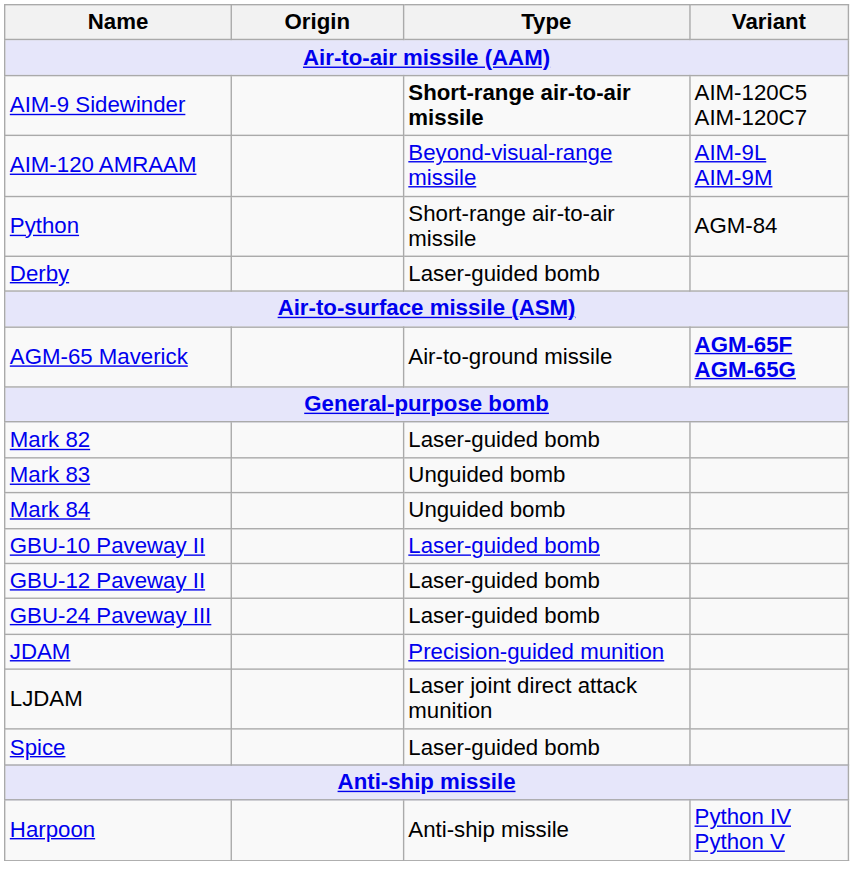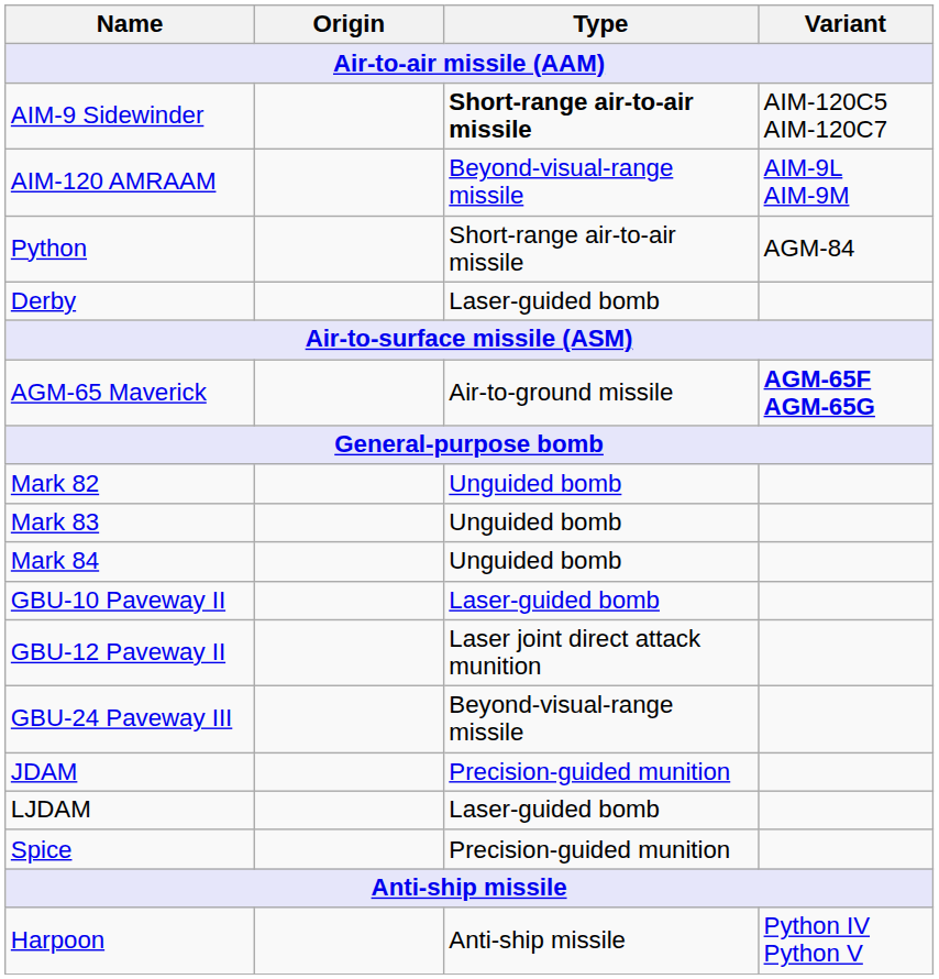 <table class="wikitable">
 <tr>
 <th width="10%">Name</th>
 <th width="9%">Origin</th>
 <th width="15%">Type</th>
 <th width="7%">Variant</th>
 </tr>
 <tr>
 <th style="align: center; background: lavender;" colspan="7"><a href='#'>Air-to-air missile (AAM)</a></th>
 </tr>
 <tr>
 <td><a href='#'>AIM-9 Sidewinder</a></td>
 <td></td>
 <td><strong>Short-range air-to-air missile</strong></td>
 <td>AIM-120C5<br>AIM-120C7</td>
 </tr>
 <tr>
 <td><a href='#'>AIM-120 AMRAAM</a></td>
 <td></td>
 <td><a href='#'>Beyond-visual-range missile</a></td>
 <td><a href='#'>AIM-9L</a><br><a href='#'>AIM-9M</a></td>
 </tr>
 <tr>
 <td><a href='#'>Python</a></td>
 <td></td>
 <td>Short-range air-to-air missile</td>
 <td>AGM-84</td>
 </tr>
 <tr>
 <td><a href='#'>Derby</a></td>
 <td></td>
 <td>Laser-guided bomb</td>
 <td></td>
 </tr>
 <tr>
 <th style="align: center; background: lavender;" colspan="7"><a href='#'>Air-to-surface missile (ASM)</a></th>
 </tr>
 <tr>
 <td><a href='#'>AGM-65 Maverick</a></td>
 <td></td>
 <td>Air-to-ground missile</td>
 <td><strong><a href='#'>AGM-65F</a><br><a href='#'>AGM-65G</a></strong></td>
 </tr>
 <tr>
 <th style="align: center; background: lavender;" colspan="7"><a href='#'>General-purpose bomb</a></th>
 </tr>
 <tr>
 <td><a href='#'>Mark 82</a></td>
 <td></td>
-<td>Laser-guided bomb</td>
+<td><a href='#'>Unguided bomb</a></td>
 <td></td>
 </tr>
 <tr>
 <td><a href='#'>Mark 83</a></td>
 <td></td>
 <td>Unguided bomb</td>
 <td></td>
 </tr>
 <tr>
 <td><a href='#'>Mark 84</a></td>
 <td></td>
 <td>Unguided bomb</td>
 <td></td>
 </tr>
 <tr>
 <td><a href='#'>GBU-10 Paveway II</a></td>
 <td></td>
 <td><a href='#'>Laser-guided bomb</a></td>
 <td></td>
 </tr>
 <tr>
 <td><a href='#'>GBU-12 Paveway II</a></td>
 <td></td>
-<td>Laser-guided bomb</td>
+<td>Laser joint direct attack munition</td>
 <td></td>
 </tr>
 <tr>
 <td><a href='#'>GBU-24 Paveway III</a></td>
 <td></td>
-<td>Laser-guided bomb</td>
+<td>Beyond-visual-range missile</td>
 <td></td>
 </tr>
 <tr>
 <td><a href='#'>JDAM</a></td>
 <td></td>
 <td><a href='#'>Precision-guided munition</a></td>
 <td></td>
 </tr>
 <tr>
 <td>LJDAM</td>
 <td></td>
-<td>Laser joint direct attack munition</td>
+<td>Laser-guided bomb</td>
 <td></td>
 </tr>
 <tr>
 <td><a href='#'>Spice</a></td>
 <td></td>
-<td>Laser-guided bomb</td>
+<td>Precision-guided munition</td>
 <td></td>
 </tr>
 <tr>
 <th style="align: center; background: lavender;" colspan="7"><a href='#'>Anti-ship missile</a></th>
 </tr>
 <tr>
 <td><a href='#'>Harpoon</a></td>
 <td></td>
 <td>Anti-ship missile</td>
 <td><a href='#'>Python IV</a><br><a href='#'>Python V</a></td>
 </tr>
 <tr>
 </tr>
 </table>
